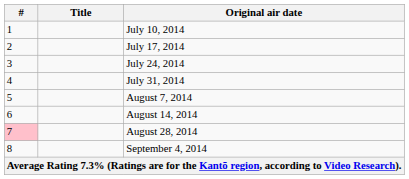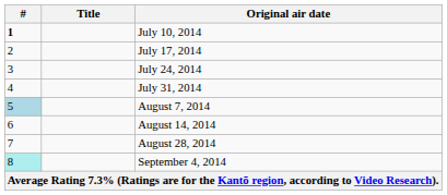 <table class="wikitable">
 <tr>
 <th>#</th>
 <th>Title</th>
 <th>Original air date</th>
 </tr>
 <tr>
-<td>1</td>
+<td><strong>1</strong></td>
 <td></td>
 <td>July 10, 2014</td>
 </tr>
 <tr>
 <td>2</td>
 <td></td>
 <td>July 17, 2014</td>
 </tr>
 <tr>
 <td>3</td>
 <td></td>
 <td>July 24, 2014</td>
 </tr>
 <tr>
 <td>4</td>
 <td></td>
 <td>July 31, 2014</td>
 </tr>
 <tr>
-<td>5</td>
+<td style="background: lightblue;">5</td>
 <td></td>
 <td>August 7, 2014</td>
 </tr>
 <tr>
 <td>6</td>
 <td></td>
 <td>August 14, 2014</td>
 </tr>
 <tr>
-<td style="background: pink;">7</td>
+<td>7</td>
 <td></td>
 <td>August 28, 2014</td>
 </tr>
 <tr>
-<td>8</td>
+<td style="background: paleturquoise;">8</td>
 <td></td>
 <td>September 4, 2014</td>
 </tr>
 <tr>
 <th colspan="3">Average Rating 7.3% (Ratings are for the <a href='#'>Kantō region</a>, according to <a href='#'>Video Research</a>).</th>
 </tr>
 </table>
